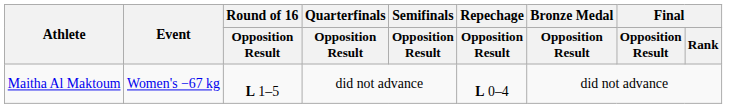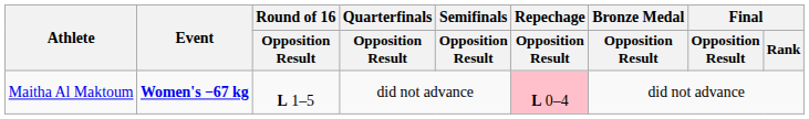 <table class="wikitable" style="font-size:90%">
 <tr>
 <th rowspan="2">Athlete</th>
 <th rowspan="2">Event</th>
 <th scope="col">Round of 16</th>
 <th scope="col">Quarterfinals</th>
 <th scope="col">Semifinals</th>
 <th scope="col">Repechage</th>
 <th scope="col">Bronze Medal</th>
 <th colspan=2>Final</th>
 </tr>
 <tr style="font-size:95%">
 <th scope="col">Opposition<br>Result</th>
 <th scope="col">Opposition<br>Result</th>
 <th scope="col">Opposition<br>Result</th>
 <th scope="col">Opposition<br>Result</th>
 <th scope="col">Opposition<br>Result</th>
 <th scope="col">Opposition<br>Result</th>
 <th scope="col">Rank</th>
 </tr>
 <tr align=center>
 <td align=left><a href='#'>Maitha Al Maktoum</a></td>
-<td align=left><a href='#'>Women's −67 kg</a></td>
+<td align=left><strong><a href='#'>Women's −67 kg</a></strong></td>
 <td><br><strong>L</strong> 1–5</td>
 <td colspan=2>did not advance</td>
-<td><br> <strong>L</strong> 0–4</td>
+<td style="background: pink;"><br> <strong>L</strong> 0–4</td>
 <td colspan=3>did not advance</td>
 </tr>
 </table>
